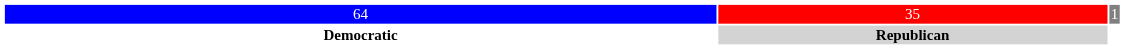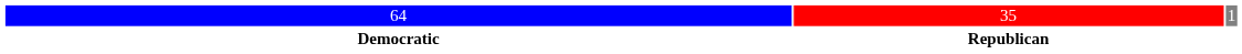 <table style="width:60%; text-align:center;">
 <tr style="color:white;">
 <td style="background:blue; width:64.0%;">64</td>
 <td style="background:red; width:35.0%;">35</td>
 <td style="background:grey; width:1.0%;">1</td>
 </tr>
 <tr>
 <td><span><strong>Democratic</strong></span></td>
-<td style="background: lightgrey;"><span><strong>Republican</strong></span></td>
+<td><span><strong>Republican</strong></span></td>
 </tr>
 </table>
